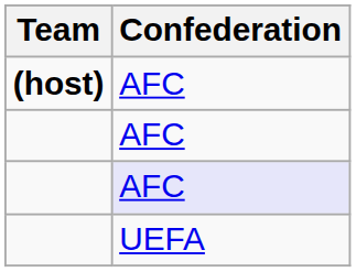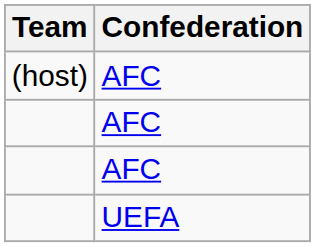 <table class="wikitable sortable" style="text-align: left;">
 <tr>
 <th>Team</th>
 <th>Confederation</th>
 </tr>
 <tr>
-<td><strong> (host)</strong></td>
+<td> (host)</td>
 <td><a href='#'>AFC</a></td>
 </tr>
 <tr>
 <td></td>
 <td><a href='#'>AFC</a></td>
 </tr>
 <tr>
 <td></td>
-<td style="background: lavender;"><a href='#'>AFC</a></td>
+<td><a href='#'>AFC</a></td>
 </tr>
 <tr>
 <td></td>
 <td><a href='#'>UEFA</a></td>
 </tr>
 </table>
